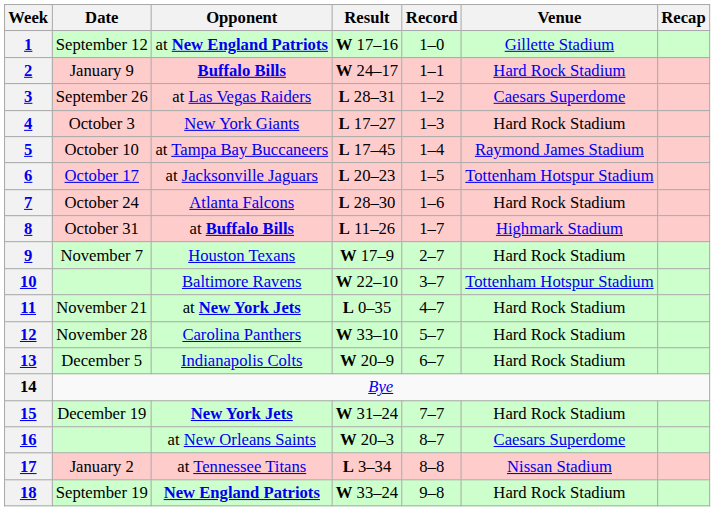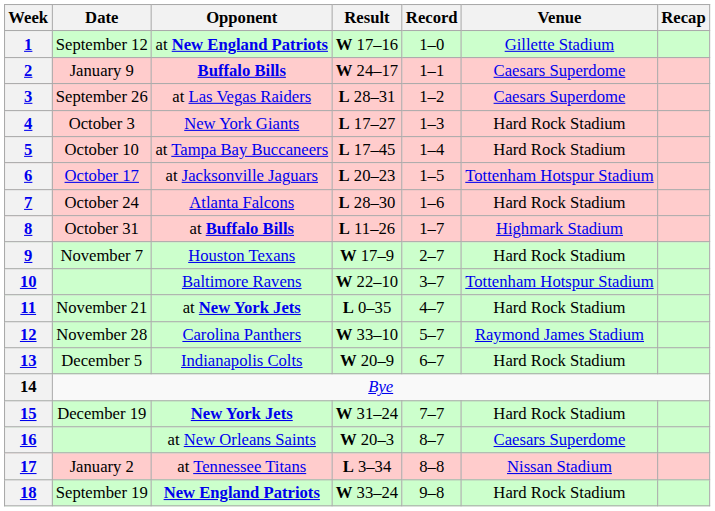 <table class="wikitable" style="text-align:center">
 <tr>
 <th>Week</th>
 <th>Date</th>
 <th>Opponent</th>
 <th>Result</th>
 <th>Record</th>
 <th>Venue</th>
 <th>Recap</th>
 </tr>
 <tr style="background:#cfc">
 <th><a href='#'>1</a></th>
 <td>September 12</td>
 <td>at <strong><a href='#'>New England Patriots</a></strong></td>
 <td><strong>W</strong> 17–16</td>
 <td>1–0</td>
 <td><a href='#'>Gillette Stadium</a></td>
 <td></td>
 </tr>
 <tr style="background:#fcc">
 <th><a href='#'>2</a></th>
 <td>January 9</td>
 <td><strong><a href='#'>Buffalo Bills</a></strong></td>
 <td><strong>W</strong> 24–17</td>
 <td>1–1</td>
-<td><a href='#'>Hard Rock Stadium</a></td>
+<td><a href='#'>Caesars Superdome</a></td>
 <td></td>
 </tr>
 <tr style="background:#fcc">
 <th><a href='#'>3</a></th>
 <td>September 26</td>
 <td>at <a href='#'>Las Vegas Raiders</a></td>
 <td><strong>L</strong> 28–31 </td>
 <td>1–2</td>
 <td><a href='#'>Caesars Superdome</a></td>
 <td></td>
 </tr>
 <tr style="background:#fcc">
 <th><a href='#'>4</a></th>
 <td>October 3</td>
 <td><a href='#'>New York Giants</a></td>
 <td><strong>L</strong> 17–27</td>
 <td>1–3</td>
 <td>Hard Rock Stadium</td>
 <td></td>
 </tr>
 <tr style="background:#fcc">
 <th><a href='#'>5</a></th>
 <td>October 10</td>
 <td>at <a href='#'>Tampa Bay Buccaneers</a></td>
 <td><strong>L</strong> 17–45</td>
 <td>1–4</td>
-<td><a href='#'>Raymond James Stadium</a></td>
+<td>Hard Rock Stadium</td>
 <td></td>
 </tr>
 <tr style="background:#fcc">
 <th><a href='#'>6</a></th>
 <td><a href='#'>October 17</a></td>
 <td>at <a href='#'>Jacksonville Jaguars</a></td>
 <td><strong>L</strong> 20–23</td>
 <td>1–5</td>
 <td> <a href='#'>Tottenham Hotspur Stadium</a> </td>
 <td></td>
 </tr>
 <tr style="background:#fcc">
 <th><a href='#'>7</a></th>
 <td>October 24</td>
 <td><a href='#'>Atlanta Falcons</a></td>
 <td><strong>L</strong> 28–30</td>
 <td>1–6</td>
 <td>Hard Rock Stadium</td>
 <td></td>
 </tr>
 <tr style="background:#fcc">
 <th><a href='#'>8</a></th>
 <td>October 31</td>
 <td>at <strong><a href='#'>Buffalo Bills</a></strong></td>
 <td><strong>L</strong> 11–26</td>
 <td>1–7</td>
 <td><a href='#'>Highmark Stadium</a></td>
 <td></td>
 </tr>
 <tr style="background:#cfc">
 <th><a href='#'>9</a></th>
 <td>November 7</td>
 <td><a href='#'>Houston Texans</a></td>
 <td><strong>W</strong> 17–9</td>
 <td>2–7</td>
 <td>Hard Rock Stadium</td>
 <td></td>
 </tr>
 <tr style="background:#cfc">
 <th><a href='#'>10</a></th>
 <td></td>
 <td><a href='#'>Baltimore Ravens</a></td>
 <td><strong>W</strong> 22–10</td>
 <td>3–7</td>
 <td> <a href='#'>Tottenham Hotspur Stadium</a> </td>
 <td></td>
 </tr>
 <tr style="background:#cfc">
 <th><a href='#'>11</a></th>
 <td>November 21</td>
 <td>at <strong><a href='#'>New York Jets</a></strong></td>
 <td><strong>L</strong> 0–35</td>
 <td>4–7</td>
 <td>Hard Rock Stadium</td>
 <td></td>
 </tr>
 <tr style="background:#cfc">
 <th><a href='#'>12</a></th>
 <td>November 28</td>
 <td><a href='#'>Carolina Panthers</a></td>
 <td><strong>W</strong> 33–10</td>
 <td>5–7</td>
-<td>Hard Rock Stadium</td>
+<td><a href='#'>Raymond James Stadium</a></td>
 <td></td>
 </tr>
 <tr style="background:#cfc">
 <th><a href='#'>13</a></th>
 <td>December 5</td>
 <td><a href='#'>Indianapolis Colts</a></td>
 <td><strong>W</strong> 20–9</td>
 <td>6–7</td>
 <td>Hard Rock Stadium</td>
 <td></td>
 </tr>
 <tr>
 <th>14</th>
 <td colspan="6"><em><a href='#'>Bye</a></em></td>
 </tr>
 <tr style="background:#cfc">
 <th><a href='#'>15</a></th>
 <td>December 19</td>
 <td><strong><a href='#'>New York Jets</a></strong></td>
 <td><strong>W</strong> 31–24</td>
 <td>7–7</td>
 <td>Hard Rock Stadium</td>
 <td></td>
 </tr>
 <tr style="background:#cfc">
 <th><a href='#'>16</a></th>
 <td></td>
 <td>at <a href='#'>New Orleans Saints</a></td>
 <td><strong>W</strong> 20–3</td>
 <td>8–7</td>
 <td><a href='#'>Caesars Superdome</a></td>
 <td></td>
 </tr>
 <tr style="background:#fcc">
 <th><a href='#'>17</a></th>
 <td>January 2</td>
 <td>at <a href='#'>Tennessee Titans</a></td>
 <td><strong>L</strong> 3–34</td>
 <td>8–8</td>
 <td><a href='#'>Nissan Stadium</a></td>
 <td></td>
 </tr>
 <tr style="background:#cfc">
 <th><a href='#'>18</a></th>
 <td>September 19</td>
 <td><strong><a href='#'>New England Patriots</a></strong></td>
 <td><strong>W</strong> 33–24</td>
 <td>9–8</td>
 <td>Hard Rock Stadium</td>
 <td></td>
 </tr>
 </table>
